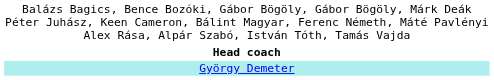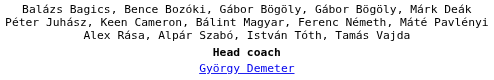 <table style="text-align: center; margin-top: 2em; margin-left: auto; margin-right: auto">
 <tr>
 <td>Balázs Bagics, Bence Bozóki, Gábor Bögöly, Gábor Bögöly, Márk Deák<br>Péter Juhász, Keen Cameron, Bálint Magyar, Ferenc Németh, Máté Pavlényi<br>Alex Rása, Alpár Szabó, István Tóth, Tamás Vajda</td>
 </tr>
 <tr>
 <td><strong>Head coach</strong></td>
 </tr>
 <tr>
-<td style="background: paleturquoise;"><a href='#'>György Demeter</a></td>
+<td><a href='#'>György Demeter</a></td>
 </tr>
 </table>
